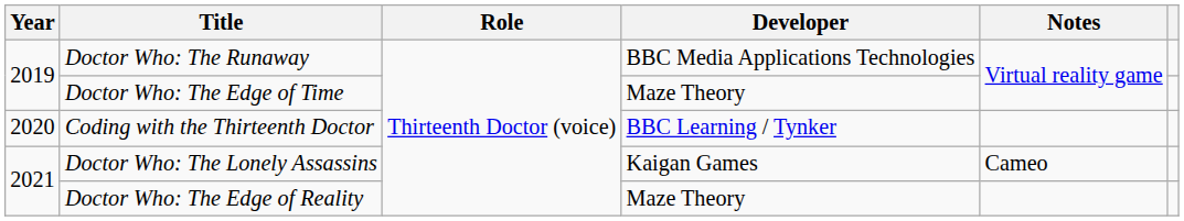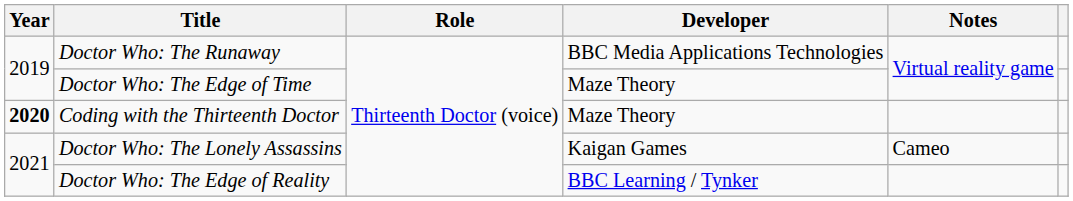 <table class="wikitable sortable">
 <tr>
 <th>Year</th>
 <th>Title</th>
 <th>Role</th>
 <th>Developer</th>
 <th class="unsortable">Notes</th>
 <th class="unsortable"></th>
 </tr>
 <tr>
 <td rowspan="2">2019</td>
 <td><em>Doctor Who: The Runaway</em></td>
 <td rowspan="5"><a href='#'>Thirteenth Doctor</a> (voice)</td>
 <td>BBC Media Applications Technologies</td>
 <td rowspan="2"><a href='#'>Virtual reality game</a></td>
 <td style="text-align: center;"></td>
 </tr>
 <tr>
 <td><em>Doctor Who: The Edge of Time</em></td>
 <td>Maze Theory</td>
 <td style="text-align: center;"></td>
 </tr>
 <tr>
-<td>2020</td>
+<td><strong>2020</strong></td>
 <td><em>Coding with the Thirteenth Doctor</em></td>
-<td><a href='#'>BBC Learning</a> / <a href='#'>Tynker</a></td>
+<td>Maze Theory</td>
 <td></td>
 <td style="text-align: center;"></td>
 </tr>
 <tr>
 <td rowspan="2">2021</td>
 <td><em>Doctor Who: The Lonely Assassins</em></td>
 <td>Kaigan Games</td>
 <td>Cameo</td>
 <td style="text-align: center;"></td>
 </tr>
 <tr>
 <td><em>Doctor Who: The Edge of Reality</em></td>
-<td>Maze Theory</td>
+<td><a href='#'>BBC Learning</a> / <a href='#'>Tynker</a></td>
 <td style="text-align: center;"></td>
 <td></td>
 </tr>
 </table>
